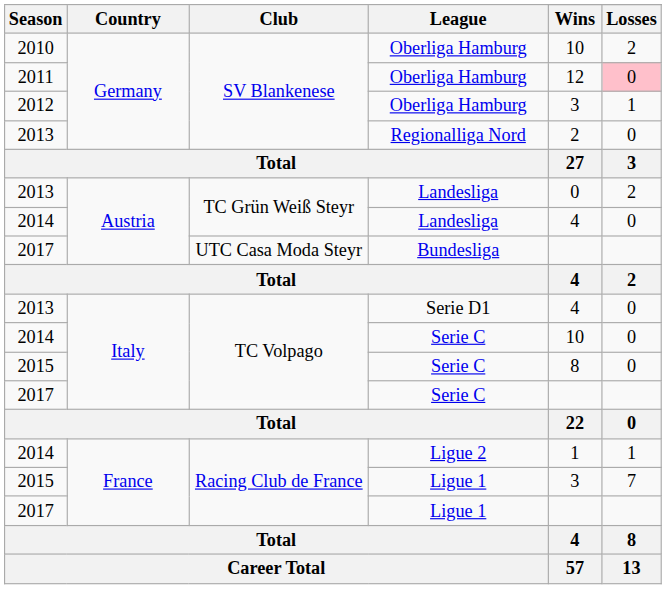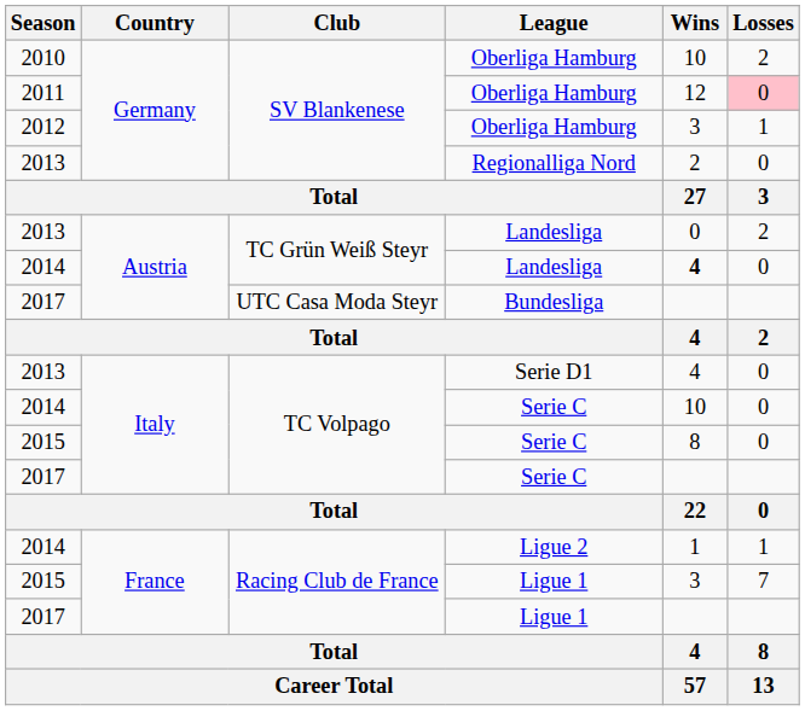 <table class="wikitable" style="font-size:100%; text-align: center;">
 <tr>
 <th rowspan="2">Season</th>
 <th rowspan="2" width="100">Country</th>
 <th rowspan="2" width="150">Club</th>
 <th rowspan="2" width="150">League</th>
 </tr>
 <tr>
 <th width="40">Wins</th>
 <th width="40">Losses</th>
 </tr>
 <tr>
 <td 2010 Oberliga Hamburg>2010</td>
 <td rowspan="4"><a href='#'>Germany</a></td>
 <td rowspan="4"><a href='#'>SV Blankenese</a></td>
 <td><a href='#'>Oberliga Hamburg</a></td>
 <td>10</td>
 <td>2</td>
 </tr>
 <tr>
 <td 2011 Oberliga Hamburg>2011</td>
 <td><a href='#'>Oberliga Hamburg</a></td>
 <td>12</td>
 <td style="background: pink;">0</td>
 </tr>
 <tr>
 <td 2012 Oberliga Hamburg>2012</td>
 <td><a href='#'>Oberliga Hamburg</a></td>
 <td>3</td>
 <td>1</td>
 </tr>
 <tr>
 <td 2013 Oberliga Hamburg>2013</td>
 <td><a href='#'>Regionalliga Nord</a></td>
 <td>2</td>
 <td>0</td>
 </tr>
 <tr>
 <th colspan="4">Total</th>
 <th>27</th>
 <th>3</th>
 </tr>
 <tr>
 <td 2013 Landesliga>2013</td>
 <td rowspan="3"><a href='#'>Austria</a></td>
 <td rowspan="2">TC Grün Weiß Steyr</td>
 <td><a href='#'>Landesliga</a></td>
 <td>0</td>
 <td>2</td>
 </tr>
 <tr>
 <td 2014 Landesliga>2014</td>
 <td><a href='#'>Landesliga</a></td>
-<td>4</td>
+<td><strong>4</strong></td>
 <td>0</td>
 </tr>
 <tr>
 <td 2017 Bundesliga>2017</td>
 <td rowspan="1">UTC Casa Moda Steyr</td>
 <td><a href='#'>Bundesliga</a></td>
 <td></td>
 <td></td>
 </tr>
 <tr>
 <th colspan="4">Total</th>
 <th>4</th>
 <th>2</th>
 </tr>
 <tr>
 <td 2013 Serie D1>2013</td>
 <td rowspan="4"><a href='#'>Italy</a></td>
 <td rowspan="4">TC Volpago</td>
 <td>Serie D1</td>
 <td>4</td>
 <td>0</td>
 </tr>
 <tr>
 <td 2014 Serie C>2014</td>
 <td><a href='#'>Serie C</a></td>
 <td>10</td>
 <td>0</td>
 </tr>
 <tr>
 <td 2015 Serie C>2015</td>
 <td><a href='#'>Serie C</a></td>
 <td>8</td>
 <td>0</td>
 </tr>
 <tr>
 <td 2017 Serie C>2017</td>
 <td><a href='#'>Serie C</a></td>
 <td></td>
 <td></td>
 </tr>
 <tr>
 <th colspan="4">Total</th>
 <th>22</th>
 <th>0</th>
 </tr>
 <tr>
 <td 2014 Ligue 2>2014</td>
 <td rowspan="3"><a href='#'>France</a></td>
 <td rowspan="3"><a href='#'>Racing Club de France</a></td>
 <td><a href='#'>Ligue 2</a></td>
 <td>1</td>
 <td>1</td>
 </tr>
 <tr>
 <td 2015 Ligue 1>2015</td>
 <td><a href='#'>Ligue 1</a></td>
 <td>3</td>
 <td>7</td>
 </tr>
 <tr>
 <td 2017 Ligue 1>2017</td>
 <td><a href='#'>Ligue 1</a></td>
 <td></td>
 <td></td>
 </tr>
 <tr>
 <th colspan="4">Total</th>
 <th>4</th>
 <th>8</th>
 </tr>
 <tr>
 <th colspan="4">Career Total</th>
 <th>57</th>
 <th>13</th>
 </tr>
 </table>
